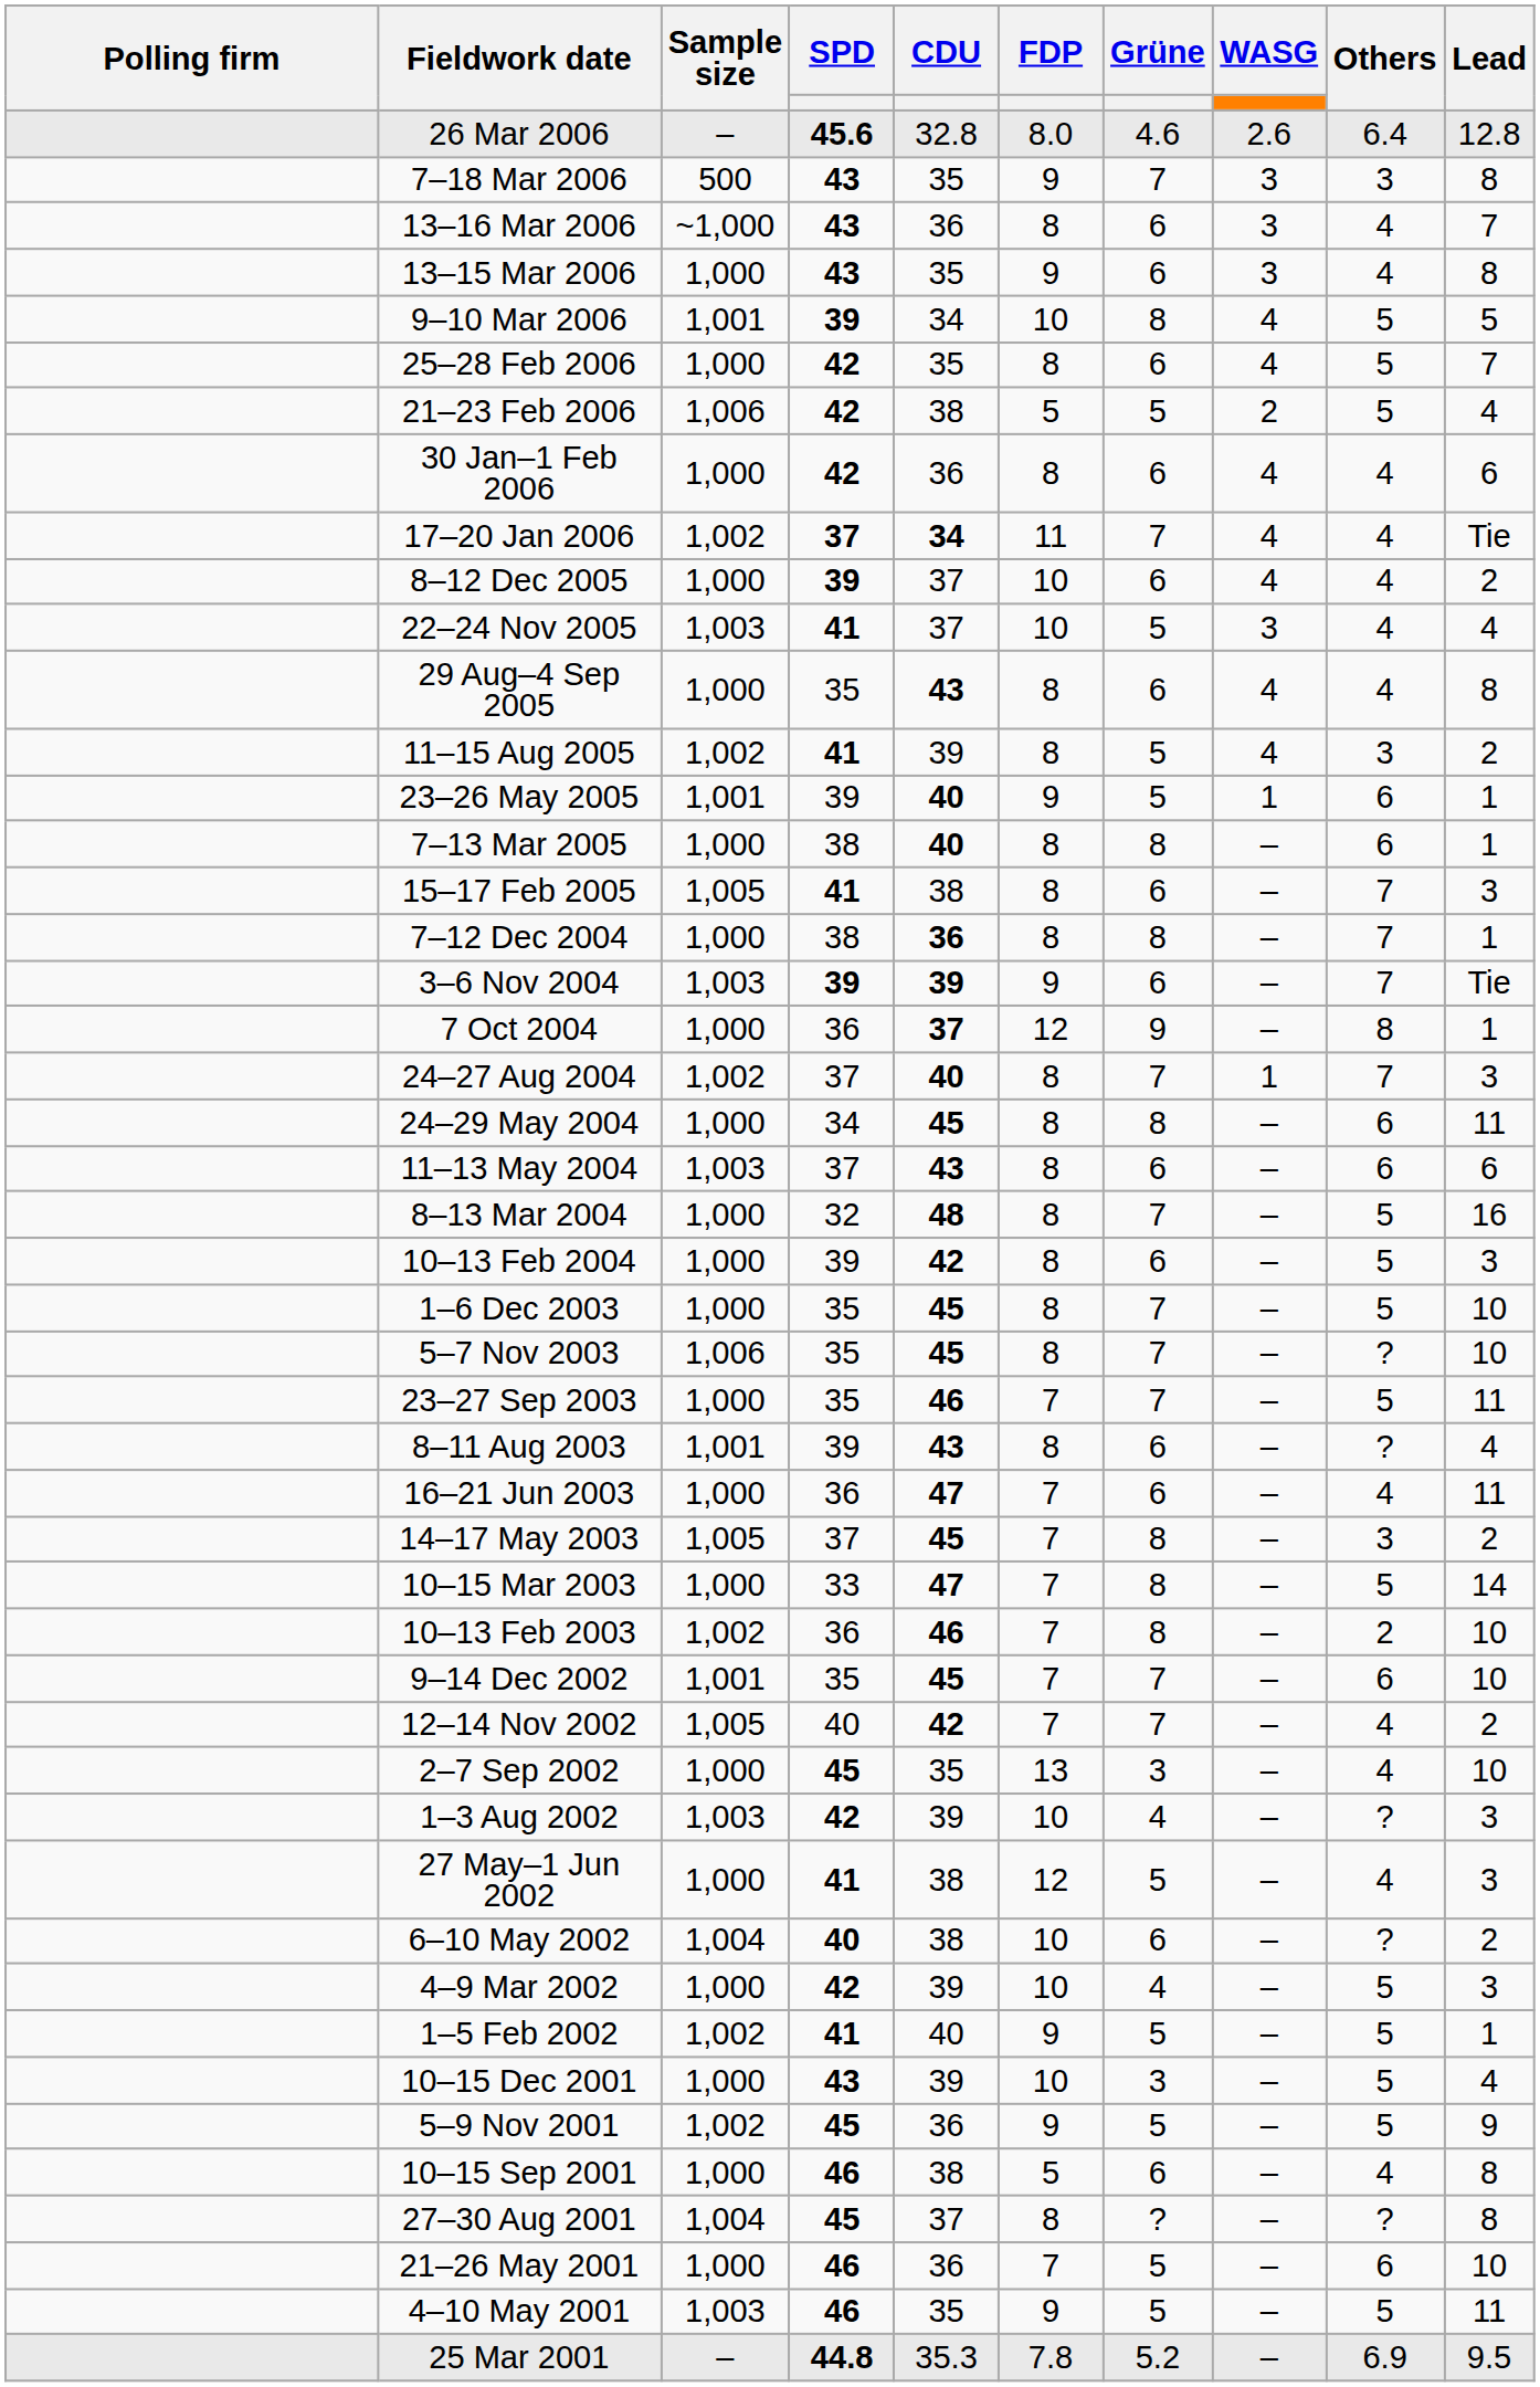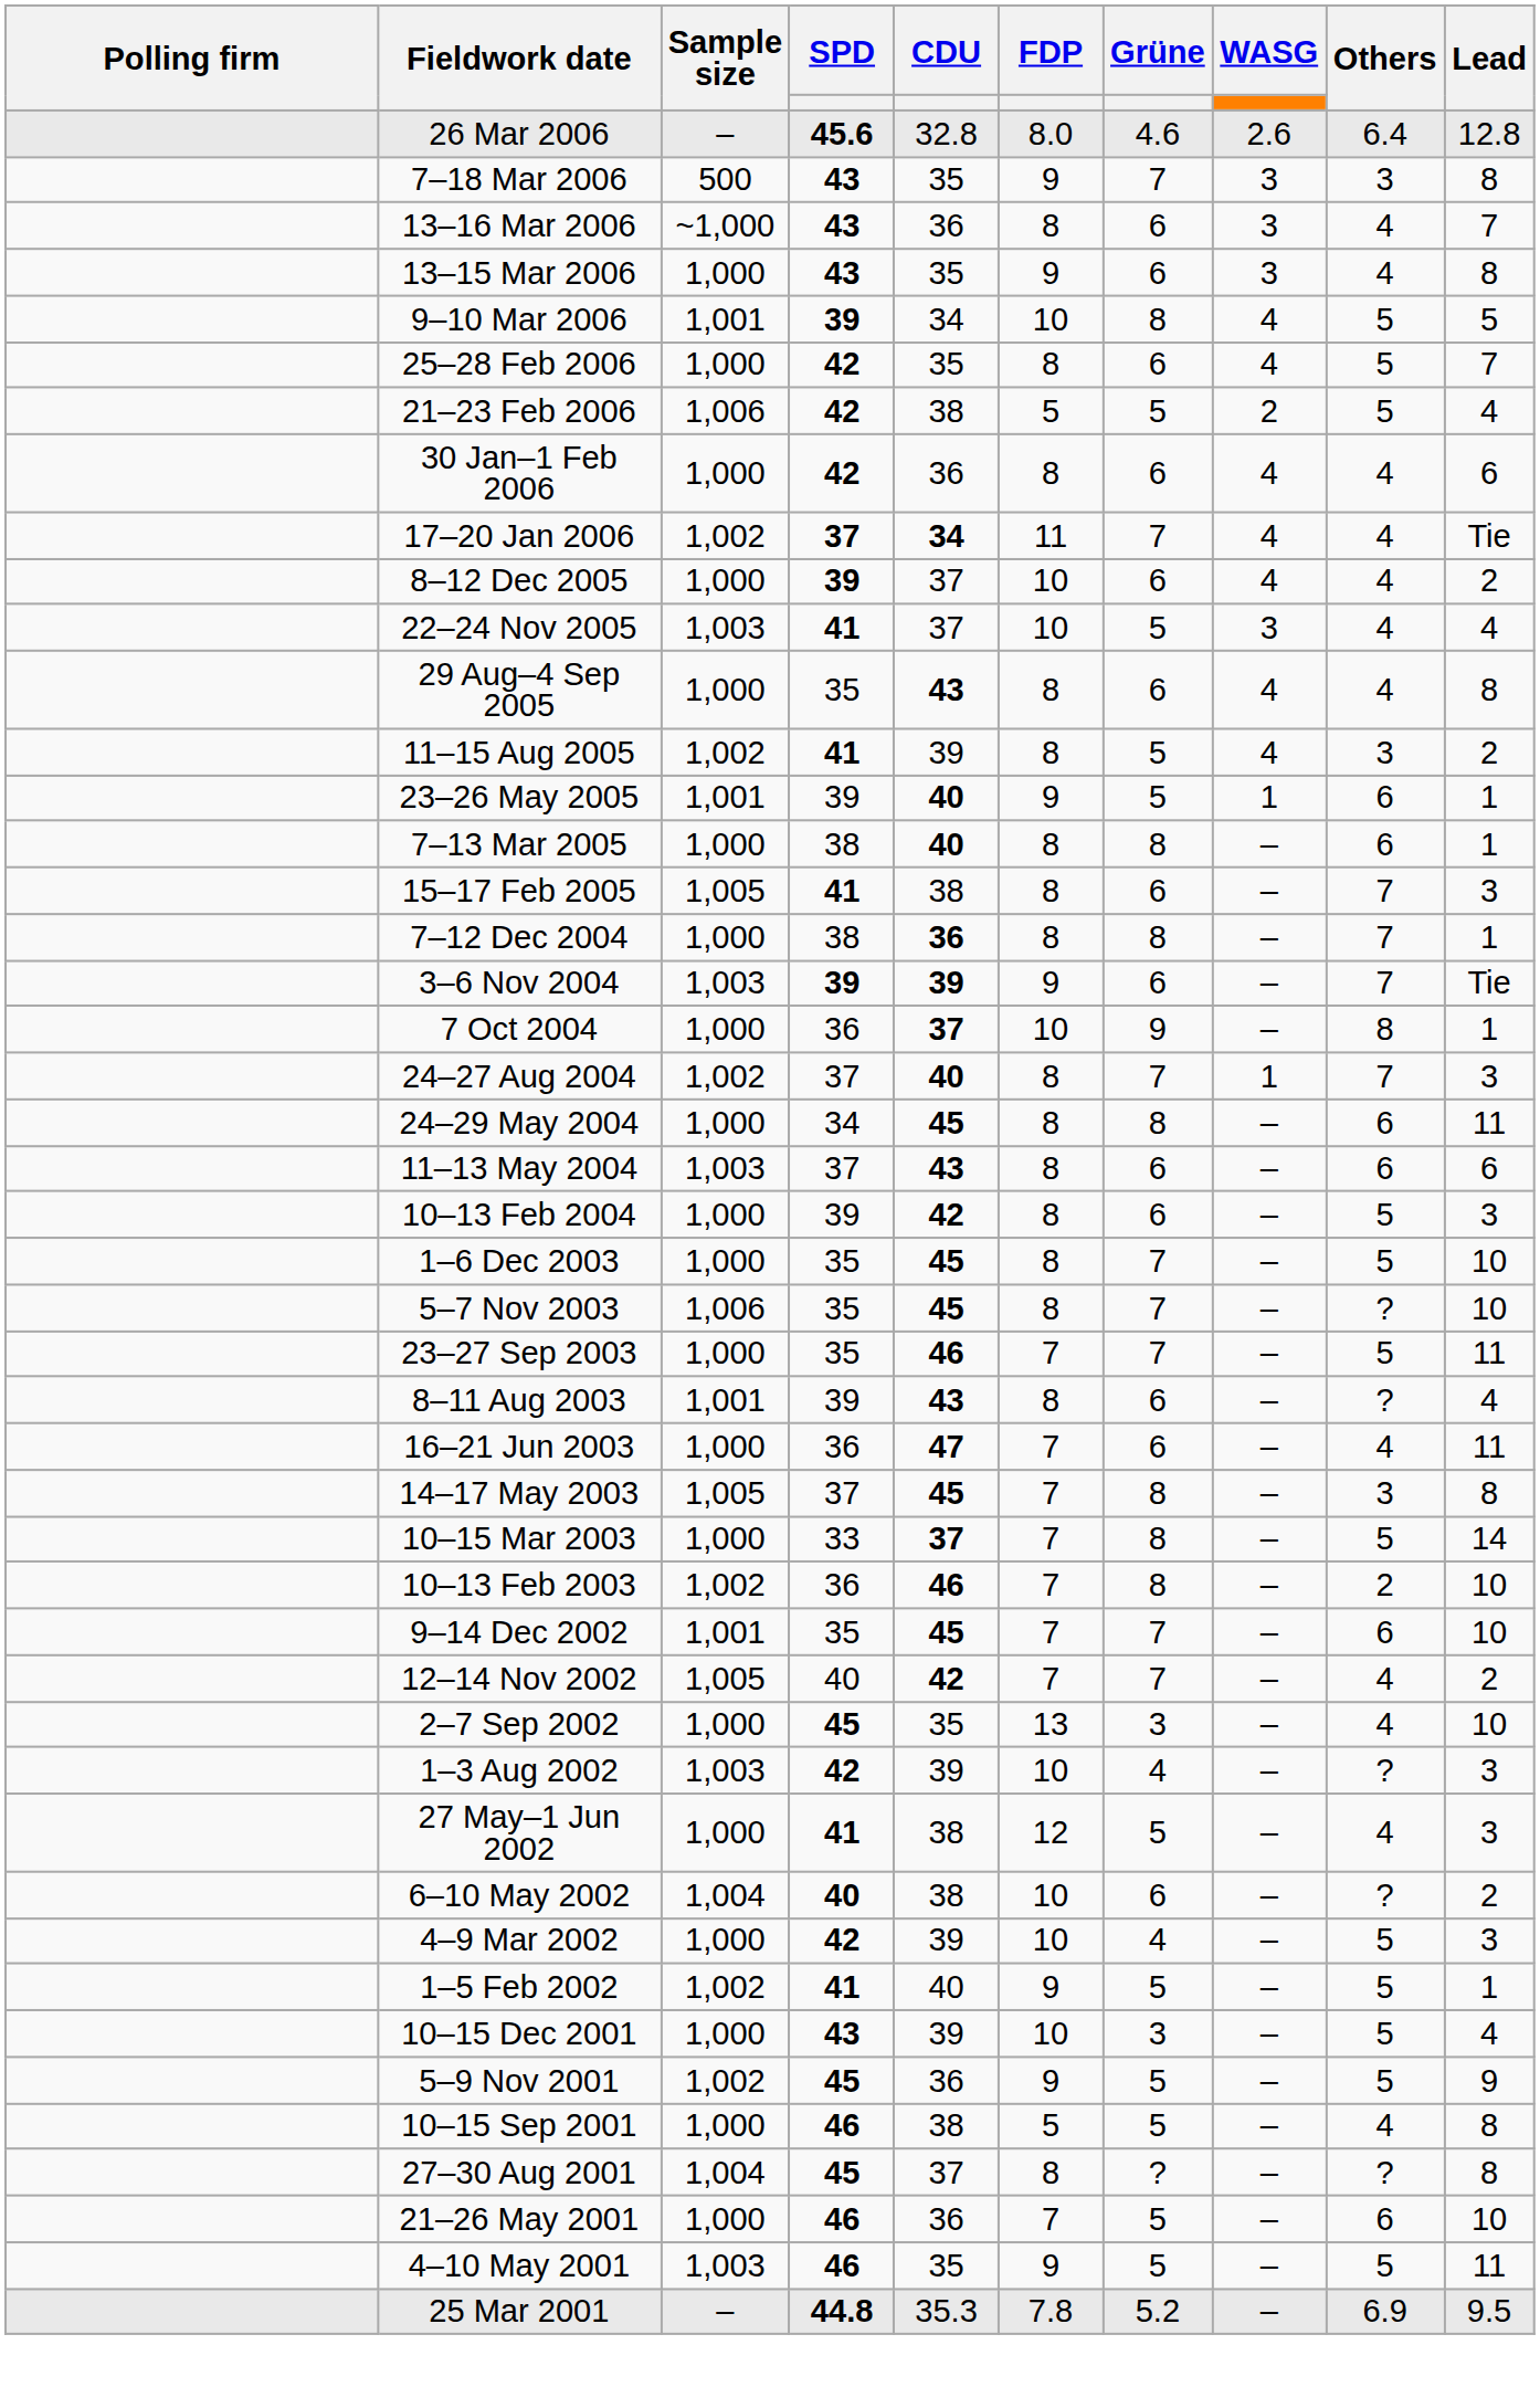 <table class="wikitable sortable" style="text-align:center;font-size:90%;line-height:14px;">
 <tr style="height:40px;">
 <th style="width:160px;" rowspan="2">Polling firm</th>
 <th style="width:120px;" rowspan="2">Fieldwork date</th>
 <th style="width:35px;" rowspan="2">Sample<br>size</th>
 <th class="unsortable" style="width:40px;"><a href='#'>SPD</a></th>
 <th class="unsortable" style="width:40px;"><a href='#'>CDU</a></th>
 <th class="unsortable" style="width:40px;"><a href='#'>FDP</a></th>
 <th class="unsortable" style="width:40px;"><a href='#'>Grüne</a></th>
 <th class="unsortable" style="width:40px;"><a href='#'>WASG</a></th>
 <th class="unsortable" style="width:40px;" rowspan="2">Others</th>
 <th style="width:30px;" rowspan="2">Lead</th>
 </tr>
 <tr>
 <th style="background:"></th>
 <th style="background:"></th>
 <th style="background:"></th>
 <th style="background:"></th>
 <th style="background:#FF8000;"></th>
 </tr>
 <tr style="background:#E9E9E9;">
 <td></td>
 <td data-sort-value="2006-03-26">26 Mar 2006</td>
 <td>–</td>
 <td><strong>45.6</strong></td>
 <td>32.8</td>
 <td>8.0</td>
 <td>4.6</td>
 <td>2.6</td>
 <td>6.4</td>
 <td style="background:">12.8</td>
 </tr>
 <tr>
 <td></td>
 <td data-sort-value="2006-03-21">7–18 Mar 2006</td>
 <td>500</td>
 <td><strong>43</strong></td>
 <td>35</td>
 <td>9</td>
 <td>7</td>
 <td>3</td>
 <td>3</td>
 <td style="background:">8</td>
 </tr>
 <tr>
 <td></td>
 <td data-sort-value="2006-03-17">13–16 Mar 2006</td>
 <td>~1,000</td>
 <td><strong>43</strong></td>
 <td>36</td>
 <td>8</td>
 <td>6</td>
 <td>3</td>
 <td>4</td>
 <td style="background:">7</td>
 </tr>
 <tr>
 <td></td>
 <td data-sort-value="2006-03-16">13–15 Mar 2006</td>
 <td>1,000</td>
 <td><strong>43</strong></td>
 <td>35</td>
 <td>9</td>
 <td>6</td>
 <td>3</td>
 <td>4</td>
 <td style="background:">8</td>
 </tr>
 <tr>
 <td></td>
 <td data-sort-value="2006-03-15">9–10 Mar 2006</td>
 <td>1,001</td>
 <td><strong>39</strong></td>
 <td>34</td>
 <td>10</td>
 <td>8</td>
 <td>4</td>
 <td>5</td>
 <td style="background:">5</td>
 </tr>
 <tr>
 <td></td>
 <td data-sort-value="2006-03-02">25–28 Feb 2006</td>
 <td>1,000</td>
 <td><strong>42</strong></td>
 <td>35</td>
 <td>8</td>
 <td>6</td>
 <td>4</td>
 <td>5</td>
 <td style="background:">7</td>
 </tr>
 <tr>
 <td></td>
 <td data-sort-value="2006-02-28">21–23 Feb 2006</td>
 <td>1,006</td>
 <td><strong>42</strong></td>
 <td>38</td>
 <td>5</td>
 <td>5</td>
 <td>2</td>
 <td>5</td>
 <td style="background:">4</td>
 </tr>
 <tr>
 <td></td>
 <td data-sort-value="2006-02-02">30 Jan–1 Feb 2006</td>
 <td>1,000</td>
 <td><strong>42</strong></td>
 <td>36</td>
 <td>8</td>
 <td>6</td>
 <td>4</td>
 <td>4</td>
 <td style="background:">6</td>
 </tr>
 <tr>
 <td></td>
 <td data-sort-value="2006-01-25">17–20 Jan 2006</td>
 <td>1,002</td>
 <td><strong>37</strong></td>
 <td><strong>34</strong></td>
 <td>11</td>
 <td>7</td>
 <td>4</td>
 <td>4</td>
 <td data-sort-value="0">Tie</td>
 </tr>
 <tr>
 <td></td>
 <td data-sort-value="2005-12-15">8–12 Dec 2005</td>
 <td>1,000</td>
 <td><strong>39</strong></td>
 <td>37</td>
 <td>10</td>
 <td>6</td>
 <td>4</td>
 <td>4</td>
 <td style="background:">2</td>
 </tr>
 <tr>
 <td></td>
 <td data-sort-value="2005-11-28">22–24 Nov 2005</td>
 <td>1,003</td>
 <td><strong>41</strong></td>
 <td>37</td>
 <td>10</td>
 <td>5</td>
 <td>3</td>
 <td>4</td>
 <td style="background:">4</td>
 </tr>
 <tr>
 <td></td>
 <td data-sort-value="2005-09-08">29 Aug–4 Sep 2005</td>
 <td>1,000</td>
 <td>35</td>
 <td><strong>43</strong></td>
 <td>8</td>
 <td>6</td>
 <td>4</td>
 <td>4</td>
 <td style="background:">8</td>
 </tr>
 <tr>
 <td></td>
 <td data-sort-value="2005-08-19">11–15 Aug 2005</td>
 <td>1,002</td>
 <td><strong>41</strong></td>
 <td>39</td>
 <td>8</td>
 <td>5</td>
 <td>4</td>
 <td>3</td>
 <td style="background:">2</td>
 </tr>
 <tr>
 <td></td>
 <td data-sort-value="2005-05-28">23–26 May 2005</td>
 <td>1,001</td>
 <td>39</td>
 <td><strong>40</strong></td>
 <td>9</td>
 <td>5</td>
 <td>1</td>
 <td>6</td>
 <td style="background:">1</td>
 </tr>
 <tr>
 <td></td>
 <td data-sort-value="2005-03-17">7–13 Mar 2005</td>
 <td>1,000</td>
 <td>38</td>
 <td><strong>40</strong></td>
 <td>8</td>
 <td>8</td>
 <td>–</td>
 <td>6</td>
 <td style="background:">1</td>
 </tr>
 <tr>
 <td></td>
 <td data-sort-value="2005-02-25">15–17 Feb 2005</td>
 <td>1,005</td>
 <td><strong>41</strong></td>
 <td>38</td>
 <td>8</td>
 <td>6</td>
 <td>–</td>
 <td>7</td>
 <td style="background:">3</td>
 </tr>
 <tr>
 <td></td>
 <td data-sort-value="2004-12-16">7–12 Dec 2004</td>
 <td>1,000</td>
 <td>38</td>
 <td><strong>36</strong></td>
 <td>8</td>
 <td>8</td>
 <td>–</td>
 <td>7</td>
 <td style="background:">1</td>
 </tr>
 <tr>
 <td></td>
 <td data-sort-value="2004-11-11">3–6 Nov 2004</td>
 <td>1,003</td>
 <td><strong>39</strong></td>
 <td><strong>39</strong></td>
 <td>9</td>
 <td>6</td>
 <td>–</td>
 <td>7</td>
 <td data-sort-value="0">Tie</td>
 </tr>
 <tr>
 <td></td>
 <td data-sort-value="2004-10-07">7 Oct 2004</td>
 <td>1,000</td>
 <td>36</td>
 <td><strong>37</strong></td>
-<td>12</td>
+<td>10</td>
 <td>9</td>
 <td>–</td>
 <td>8</td>
 <td style="background:">1</td>
 </tr>
 <tr>
 <td></td>
 <td data-sort-value="2004-08-31">24–27 Aug 2004</td>
 <td>1,002</td>
 <td>37</td>
 <td><strong>40</strong></td>
 <td>8</td>
 <td>7</td>
 <td>1</td>
 <td>7</td>
 <td style="background:">3</td>
 </tr>
 <tr>
 <td></td>
 <td data-sort-value="2004-06-03">24–29 May 2004</td>
 <td>1,000</td>
 <td>34</td>
 <td><strong>45</strong></td>
 <td>8</td>
 <td>8</td>
 <td>–</td>
 <td>6</td>
 <td style="background:">11</td>
 </tr>
 <tr>
 <td></td>
 <td data-sort-value="2004-05-19">11–13 May 2004</td>
 <td>1,003</td>
 <td>37</td>
 <td><strong>43</strong></td>
 <td>8</td>
 <td>6</td>
 <td>–</td>
 <td>6</td>
 <td style="background:">6</td>
-</tr>
-<tr>
-<td></td>
-<td data-sort-value="2004-03-18">8–13 Mar 2004</td>
-<td>1,000</td>
-<td>32</td>
-<td><strong>48</strong></td>
-<td>8</td>
-<td>7</td>
-<td>–</td>
-<td>5</td>
-<td style="background:">16</td>
 </tr>
 <tr>
 <td></td>
 <td data-sort-value="2004-02-18">10–13 Feb 2004</td>
 <td>1,000</td>
 <td>39</td>
 <td><strong>42</strong></td>
 <td>8</td>
 <td>6</td>
 <td>–</td>
 <td>5</td>
 <td style="background:">3</td>
 </tr>
 <tr>
 <td></td>
 <td data-sort-value="2003-12-11">1–6 Dec 2003</td>
 <td>1,000</td>
 <td>35</td>
 <td><strong>45</strong></td>
 <td>8</td>
 <td>7</td>
 <td>–</td>
 <td>5</td>
 <td style="background:">10</td>
 </tr>
 <tr>
 <td></td>
 <td data-sort-value="2003-11-13">5–7 Nov 2003</td>
 <td>1,006</td>
 <td>35</td>
 <td><strong>45</strong></td>
 <td>8</td>
 <td>7</td>
 <td>–</td>
 <td>?</td>
 <td style="background:">10</td>
 </tr>
 <tr>
 <td></td>
 <td data-sort-value="2003-10-02">23–27 Sep 2003</td>
 <td>1,000</td>
 <td>35</td>
 <td><strong>46</strong></td>
 <td>7</td>
 <td>7</td>
 <td>–</td>
 <td>5</td>
 <td style="background:">11</td>
 </tr>
 <tr>
 <td></td>
 <td data-sort-value="2003-08-16">8–11 Aug 2003</td>
 <td>1,001</td>
 <td>39</td>
 <td><strong>43</strong></td>
 <td>8</td>
 <td>6</td>
 <td>–</td>
 <td>?</td>
 <td style="background:">4</td>
 </tr>
 <tr>
 <td></td>
 <td data-sort-value="2003-06-26">16–21 Jun 2003</td>
 <td>1,000</td>
 <td>36</td>
 <td><strong>47</strong></td>
 <td>7</td>
 <td>6</td>
 <td>–</td>
 <td>4</td>
 <td style="background:">11</td>
 </tr>
 <tr>
 <td></td>
 <td data-sort-value="2003-05-22">14–17 May 2003</td>
 <td>1,005</td>
 <td>37</td>
 <td><strong>45</strong></td>
 <td>7</td>
 <td>8</td>
 <td>–</td>
 <td>3</td>
-<td style="background:">2</td>
+<td style="background:">8</td>
 </tr>
 <tr>
 <td></td>
 <td data-sort-value="2003-03-20">10–15 Mar 2003</td>
 <td>1,000</td>
 <td>33</td>
-<td><strong>47</strong></td>
+<td><strong>37</strong></td>
 <td>7</td>
 <td>8</td>
 <td>–</td>
 <td>5</td>
 <td style="background:">14</td>
 </tr>
 <tr>
 <td></td>
 <td data-sort-value="2003-02-20">10–13 Feb 2003</td>
 <td>1,002</td>
 <td>36</td>
 <td><strong>46</strong></td>
 <td>7</td>
 <td>8</td>
 <td>–</td>
 <td>2</td>
 <td style="background:">10</td>
 </tr>
 <tr>
 <td></td>
 <td data-sort-value="2002-12-19">9–14 Dec 2002</td>
 <td>1,001</td>
 <td>35</td>
 <td><strong>45</strong></td>
 <td>7</td>
 <td>7</td>
 <td>–</td>
 <td>6</td>
 <td style="background:">10</td>
 </tr>
 <tr>
 <td></td>
 <td data-sort-value="2002-11-20">12–14 Nov 2002</td>
 <td>1,005</td>
 <td>40</td>
 <td><strong>42</strong></td>
 <td>7</td>
 <td>7</td>
 <td>–</td>
 <td>4</td>
 <td style="background:">2</td>
 </tr>
 <tr>
 <td></td>
 <td data-sort-value="2002-09-12">2–7 Sep 2002</td>
 <td>1,000</td>
 <td><strong>45</strong></td>
 <td>35</td>
 <td>13</td>
 <td>3</td>
 <td>–</td>
 <td>4</td>
 <td style="background:">10</td>
 </tr>
 <tr>
 <td></td>
 <td data-sort-value="2002-08-12">1–3 Aug 2002</td>
 <td>1,003</td>
 <td><strong>42</strong></td>
 <td>39</td>
 <td>10</td>
 <td>4</td>
 <td>–</td>
 <td>?</td>
 <td style="background:">3</td>
 </tr>
 <tr>
 <td></td>
 <td data-sort-value="2002-06-06">27 May–1 Jun 2002</td>
 <td>1,000</td>
 <td><strong>41</strong></td>
 <td>38</td>
 <td>12</td>
 <td>5</td>
 <td>–</td>
 <td>4</td>
 <td style="background:">3</td>
 </tr>
 <tr>
 <td></td>
 <td data-sort-value="2002-05-15">6–10 May 2002</td>
 <td>1,004</td>
 <td><strong>40</strong></td>
 <td>38</td>
 <td>10</td>
 <td>6</td>
 <td>–</td>
 <td>?</td>
 <td style="background:">2</td>
 </tr>
 <tr>
 <td></td>
 <td data-sort-value="2002-03-14">4–9 Mar 2002</td>
 <td>1,000</td>
 <td><strong>42</strong></td>
 <td>39</td>
 <td>10</td>
 <td>4</td>
 <td>–</td>
 <td>5</td>
 <td style="background:">3</td>
 </tr>
 <tr>
 <td></td>
 <td data-sort-value="2002-02-15">1–5 Feb 2002</td>
 <td>1,002</td>
 <td><strong>41</strong></td>
 <td>40</td>
 <td>9</td>
 <td>5</td>
 <td>–</td>
 <td>5</td>
 <td style="background:">1</td>
 </tr>
 <tr>
 <td></td>
 <td data-sort-value="2001-12-20">10–15 Dec 2001</td>
 <td>1,000</td>
 <td><strong>43</strong></td>
 <td>39</td>
 <td>10</td>
 <td>3</td>
 <td>–</td>
 <td>5</td>
 <td style="background:">4</td>
 </tr>
 <tr>
 <td></td>
 <td data-sort-value="2001-11-15">5–9 Nov 2001</td>
 <td>1,002</td>
 <td><strong>45</strong></td>
 <td>36</td>
 <td>9</td>
 <td>5</td>
 <td>–</td>
 <td>5</td>
 <td style="background:">9</td>
 </tr>
 <tr>
 <td></td>
 <td data-sort-value="2001-09-20">10–15 Sep 2001</td>
 <td>1,000</td>
 <td><strong>46</strong></td>
 <td>38</td>
 <td>5</td>
-<td>6</td>
+<td>5</td>
 <td>–</td>
 <td>4</td>
 <td style="background:">8</td>
 </tr>
 <tr>
 <td></td>
 <td data-sort-value="2001-09-05">27–30 Aug 2001</td>
 <td>1,004</td>
 <td><strong>45</strong></td>
 <td>37</td>
 <td>8</td>
 <td>?</td>
 <td>–</td>
 <td>?</td>
 <td style="background:">8</td>
 </tr>
 <tr>
 <td></td>
 <td data-sort-value="2001-05-31">21–26 May 2001</td>
 <td>1,000</td>
 <td><strong>46</strong></td>
 <td>36</td>
 <td>7</td>
 <td>5</td>
 <td>–</td>
 <td>6</td>
 <td style="background:">10</td>
 </tr>
 <tr>
 <td></td>
 <td data-sort-value="2001-05-16">4–10 May 2001</td>
 <td>1,003</td>
 <td><strong>46</strong></td>
 <td>35</td>
 <td>9</td>
 <td>5</td>
 <td>–</td>
 <td>5</td>
 <td style="background:">11</td>
 </tr>
 <tr style="background:#E9E9E9;">
 <td></td>
 <td data-sort-value="2001-03-25">25 Mar 2001</td>
 <td>–</td>
 <td><strong>44.8</strong></td>
 <td>35.3</td>
 <td>7.8</td>
 <td>5.2</td>
 <td>–</td>
 <td>6.9</td>
 <td style="background:">9.5</td>
 </tr>
 </table>
